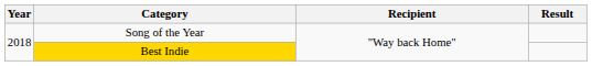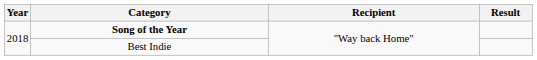 <table class="wikitable" style="text-align:center">
 <tr>
 <th width="5%">Year</th>
 <th width="45%">Category</th>
 <th width="40%">Recipient</th>
 <th width="10%">Result</th>
 </tr>
 <tr>
 <td rowspan="2">2018</td>
-<td>Song of the Year</td>
+<td><strong>Song of the Year</strong></td>
 <td rowspan="2">"Way back Home"</td>
 <td></td>
 </tr>
 <tr>
-<td style="background: gold;">Best Indie</td>
+<td>Best Indie</td>
 <td></td>
 </tr>
 </table>
